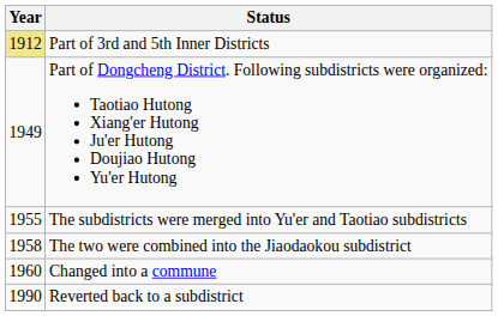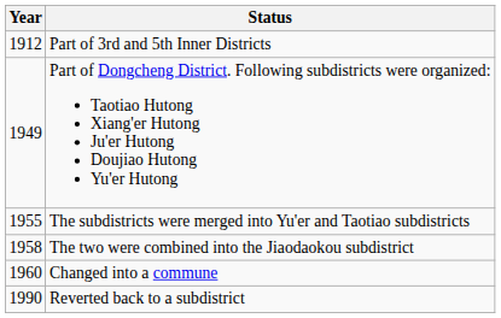 <table class="wikitable">
 <tr>
 <th>Year</th>
 <th>Status</th>
 </tr>
 <tr>
-<td style="background: khaki;">1912</td>
+<td>1912</td>
 <td>Part of 3rd and 5th Inner Districts</td>
 </tr>
 <tr>
 <td>1949</td>
 <td>Part of <a href='#'>Dongcheng District</a>. Following subdistricts were organized:<br><ul><li>Taotiao Hutong</li><li>Xiang'er Hutong</li><li>Ju'er Hutong</li><li>Doujiao Hutong</li><li>Yu'er Hutong</li></ul></td>
 </tr>
 <tr>
 <td>1955</td>
 <td>The subdistricts were merged into Yu'er and Taotiao subdistricts</td>
 </tr>
 <tr>
 <td>1958</td>
 <td>The two were combined into the Jiaodaokou subdistrict</td>
 </tr>
 <tr>
 <td>1960</td>
 <td>Changed into a <a href='#'>commune</a></td>
 </tr>
 <tr>
 <td>1990</td>
 <td>Reverted back to a subdistrict</td>
 </tr>
 </table>
